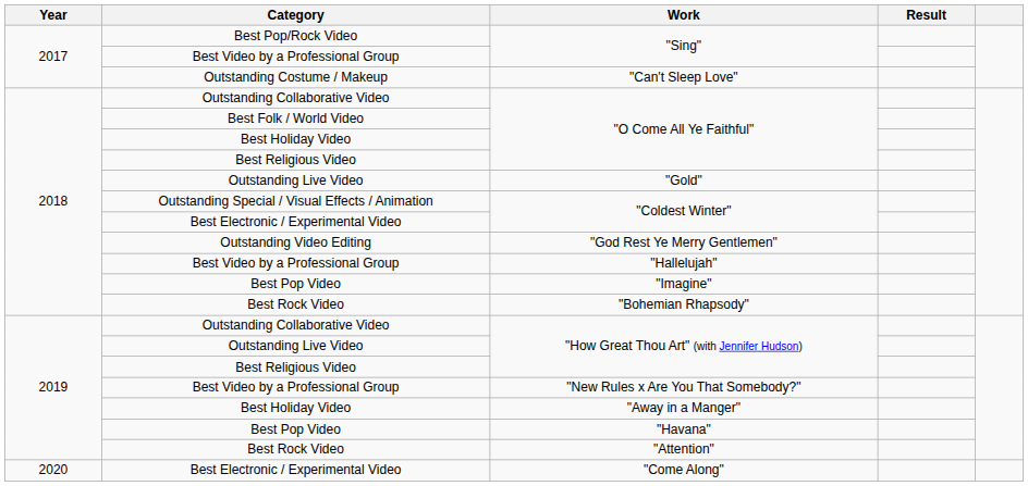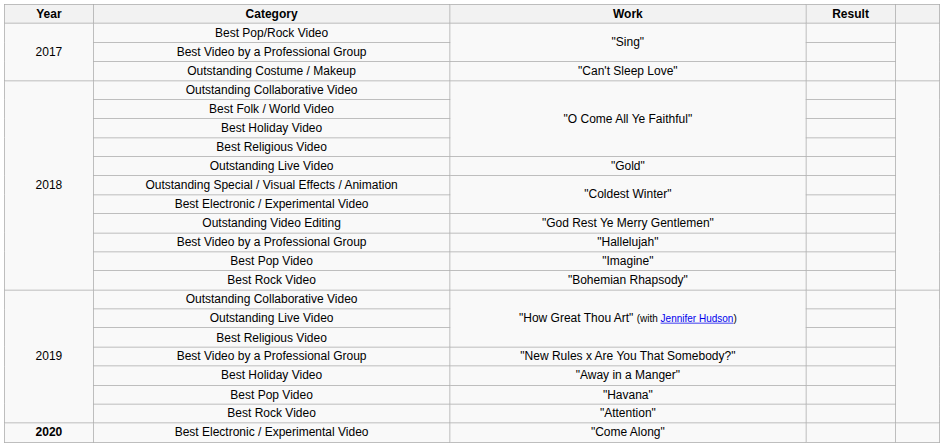 <table class="wikitable">
 <tr>
 <th style="width:5%;">Year</th>
 <th style="width:20%;">Category</th>
 <th style="width:20%;">Work</th>
 <th style="width:5%;">Result</th>
 <th style="width:2.5%;"></th>
 </tr>
 <tr>
 <td style="text-align:center;" rowspan="3">2017</td>
 <td style="text-align:center;">Best Pop/Rock Video</td>
 <td style="text-align:center;" rowspan="2">"Sing"</td>
 <td></td>
 <td style="text-align:center;" rowspan="3"></td>
 </tr>
 <tr>
 <td style="text-align:center;">Best Video by a Professional Group</td>
 <td></td>
 </tr>
 <tr>
 <td style="text-align:center;">Outstanding Costume / Makeup</td>
 <td style="text-align:center;">"Can't Sleep Love"</td>
 <td></td>
 </tr>
 <tr>
 <td style="text-align:center;" rowspan="11">2018</td>
 <td style="text-align:center;">Outstanding Collaborative Video</td>
 <td style="text-align:center;" rowspan="4">"O Come All Ye Faithful"</td>
 <td></td>
 <td style="text-align:center;" rowspan="11"></td>
 </tr>
 <tr>
 <td style="text-align:center;">Best Folk / World Video</td>
 <td></td>
 </tr>
 <tr>
 <td style="text-align:center;">Best Holiday Video</td>
 <td></td>
 </tr>
 <tr>
 <td style="text-align:center;">Best Religious Video</td>
 <td></td>
 </tr>
 <tr>
 <td style="text-align:center;">Outstanding Live Video</td>
 <td style="text-align:center;">"Gold"</td>
 <td></td>
 </tr>
 <tr>
 <td style="text-align:center;">Outstanding Special / Visual Effects / Animation</td>
 <td style="text-align:center;" rowspan="2">"Coldest Winter"</td>
 <td></td>
 </tr>
 <tr>
 <td style="text-align:center;">Best Electronic / Experimental Video</td>
 <td></td>
 </tr>
 <tr>
 <td style="text-align:center;">Outstanding Video Editing</td>
 <td style="text-align:center;">"God Rest Ye Merry Gentlemen"</td>
 <td></td>
 </tr>
 <tr>
 <td style="text-align:center;">Best Video by a Professional Group</td>
 <td style="text-align:center;">"Hallelujah"</td>
 <td></td>
 </tr>
 <tr>
 <td style="text-align:center;">Best Pop Video</td>
 <td style="text-align:center;">"Imagine"</td>
 <td></td>
 </tr>
 <tr>
 <td style="text-align:center;">Best Rock Video</td>
 <td style="text-align:center;">"Bohemian Rhapsody"</td>
 <td></td>
 </tr>
 <tr>
 <td style="text-align:center;" rowspan="7">2019</td>
 <td style="text-align:center;">Outstanding Collaborative Video</td>
 <td style="text-align:center;" rowspan="3">"How Great Thou Art" <small>(with <a href='#'>Jennifer Hudson</a>)</small></td>
 <td></td>
 <td style="text-align:center;" rowspan="7"></td>
 </tr>
 <tr>
 <td style="text-align:center;">Outstanding Live Video</td>
 <td></td>
 </tr>
 <tr>
 <td style="text-align:center;">Best Religious Video</td>
 <td></td>
 </tr>
 <tr>
 <td style="text-align:center;">Best Video by a Professional Group</td>
 <td style="text-align:center;">"New Rules x Are You That Somebody?"</td>
 <td></td>
 </tr>
 <tr>
 <td style="text-align:center;">Best Holiday Video</td>
 <td style="text-align:center;">"Away in a Manger"</td>
 <td></td>
 </tr>
 <tr>
 <td style="text-align:center;">Best Pop Video</td>
 <td style="text-align:center;">"Havana"</td>
 <td></td>
 </tr>
 <tr>
 <td style="text-align:center;">Best Rock Video</td>
 <td style="text-align:center;">"Attention"</td>
 <td></td>
 </tr>
 <tr>
-<td style="text-align:center;">2020</td>
+<td style="text-align:center;"><strong>2020</strong></td>
 <td style="text-align:center;">Best Electronic / Experimental Video</td>
 <td style="text-align:center;">"Come Along"</td>
 <td></td>
 <td style="text-align:center;"></td>
 </tr>
 </table>
